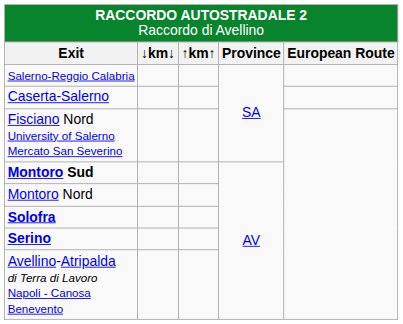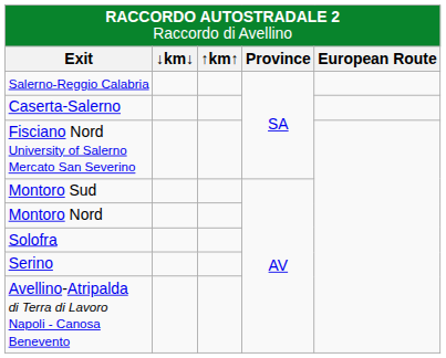 <table class="wikitable" border="1">
 <tr align="center" bgcolor="08842C" style="color: white;font-size:100%;">
 <td colspan="6"><strong> RACCORDO AUTOSTRADALE 2</strong><br>Raccordo di Avellino</td>
 </tr>
 <tr>
 <th style="text-align:center;"><strong>Exit</strong></th>
 <th style="text-align:center;"><strong>↓km↓</strong></th>
 <th style="text-align:center;"><strong>↑km↑</strong></th>
 <th align="center"><strong>Province</strong></th>
 <th align="center"><strong>European Route</strong></th>
 </tr>
 <tr>
 <td>  <small> <a href='#'>Salerno-Reggio Calabria</a></small></td>
 <td align="right"></td>
 <td align="right"></td>
 <td align="center" rowspan="3"><a href='#'>SA</a></td>
 <td align="center"></td>
 </tr>
 <tr>
 <td>  <a href='#'>Caserta-Salerno</a></td>
 <td align="right"></td>
 <td align="right"></td>
 </tr>
 <tr>
 <td> <a href='#'>Fisciano</a> Nord <br>  <small><a href='#'>University of Salerno</a><br><a href='#'>Mercato San Severino</a></small></td>
 <td align="right"></td>
 <td align="right"></td>
 <td align="center" rowspan="6"></td>
 </tr>
 <tr>
-<td><strong> <a href='#'>Montoro</a> Sud</strong></td>
+<td> <a href='#'>Montoro</a> Sud</td>
 <td align="right"></td>
 <td align="right"></td>
 <td align="center" rowspan=5><a href='#'>AV</a></td>
 </tr>
 <tr>
 <td> <a href='#'>Montoro</a> Nord</td>
 <td align="right"></td>
 <td align="right"></td>
 </tr>
 <tr>
-<td><strong> <a href='#'>Solofra</a></strong></td>
+<td> <a href='#'>Solofra</a></td>
 <td align="right"></td>
 <td align="right"></td>
 </tr>
 <tr>
-<td><strong> <a href='#'>Serino</a></strong></td>
+<td> <a href='#'>Serino</a></td>
 <td align="right"></td>
 <td align="right"></td>
 </tr>
 <tr>
 <td>  <a href='#'>Avellino</a>-<a href='#'>Atripalda</a><br> <small><em>di Terra di Lavoro</em></small><br>  <small><a href='#'>Napoli - Canosa</a></small><br> <small> <a href='#'>Benevento</a></small></td>
 <td align="right"></td>
 <td align="right"></td>
 </tr>
 </table>
